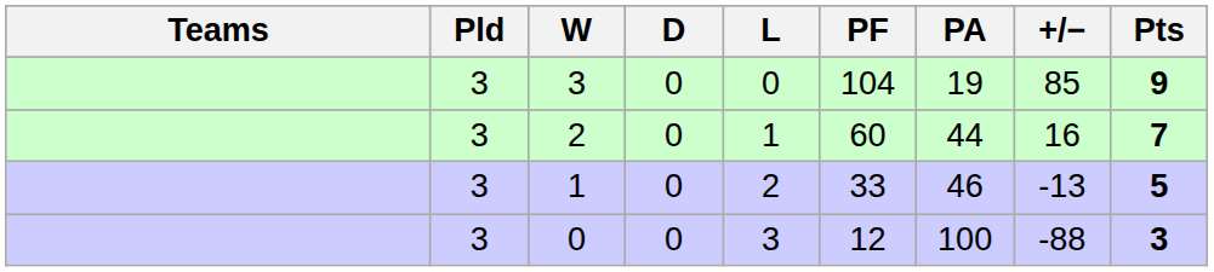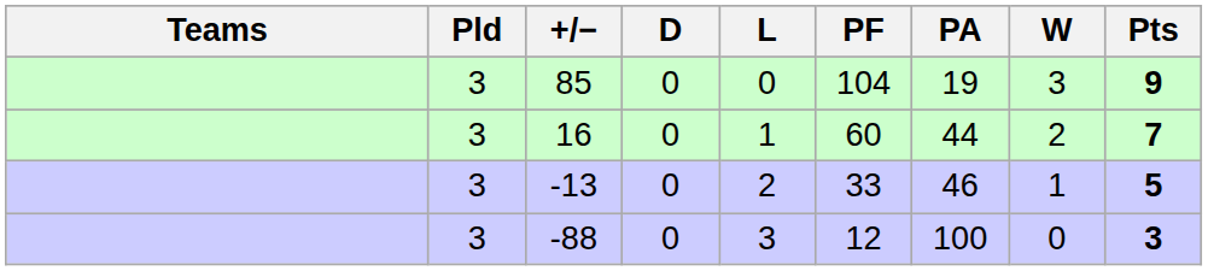 <table class="wikitable" style="text-align: center;">
 <tr>
 <th width="200">Teams</th>
 <th width="40">Pld</th>
-<th width="40">W</th>
+<th width="40">+/−</th>
 <th width="40">D</th>
 <th width="40">L</th>
 <th width="40">PF</th>
 <th width="40">PA</th>
-<th width="40">+/−</th>
+<th width="40">W</th>
 <th width="40">Pts</th>
 </tr>
 <tr bgcolor=#ccffcc>
 <td align=left></td>
 <td>3</td>
-<td>3</td>
+<td>85</td>
 <td>0</td>
 <td>0</td>
 <td>104</td>
 <td>19</td>
-<td>85</td>
+<td>3</td>
 <td><strong>9</strong></td>
 </tr>
 <tr bgcolor=#ccffcc>
 <td align=left></td>
 <td>3</td>
-<td>2</td>
+<td>16</td>
 <td>0</td>
 <td>1</td>
 <td>60</td>
 <td>44</td>
-<td>16</td>
+<td>2</td>
 <td><strong>7</strong></td>
 </tr>
 <tr bgcolor=#ccccff>
 <td align=left></td>
 <td>3</td>
-<td>1</td>
+<td>-13</td>
 <td>0</td>
 <td>2</td>
 <td>33</td>
 <td>46</td>
-<td>-13</td>
+<td>1</td>
 <td><strong>5</strong></td>
 </tr>
 <tr bgcolor=#ccccff>
 <td align=left></td>
 <td>3</td>
-<td>0</td>
+<td>-88</td>
 <td>0</td>
 <td>3</td>
 <td>12</td>
 <td>100</td>
-<td>-88</td>
+<td>0</td>
 <td><strong>3</strong></td>
 </tr>
 </table>
